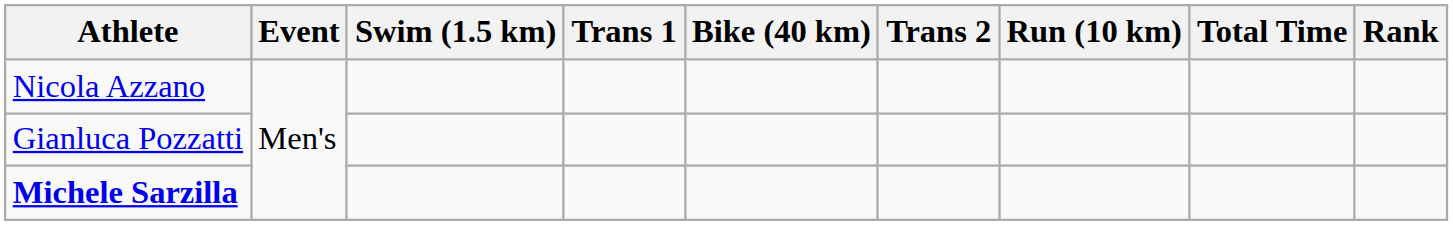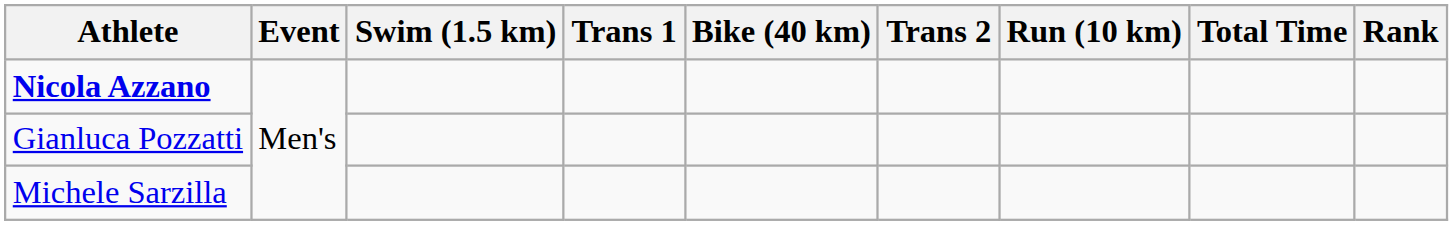 <table class="wikitable" style="font-size:90%">
 <tr>
 <th>Athlete</th>
 <th>Event</th>
 <th>Swim (1.5 km)</th>
 <th>Trans 1</th>
 <th>Bike (40 km)</th>
 <th>Trans 2</th>
 <th>Run (10 km)</th>
 <th>Total Time</th>
 <th>Rank</th>
 </tr>
 <tr align=center>
-<td align=left><a href='#'>Nicola Azzano</a></td>
+<td align=left><strong><a href='#'>Nicola Azzano</a></strong></td>
 <td align=left rowspan=3>Men's</td>
 <td></td>
 <td></td>
 <td></td>
 <td></td>
 <td></td>
 <td></td>
 <td></td>
 </tr>
 <tr align=center>
 <td align=left><a href='#'>Gianluca Pozzatti</a></td>
 <td></td>
 <td></td>
 <td></td>
 <td></td>
 <td></td>
 <td></td>
 <td></td>
 </tr>
 <tr align=center>
-<td align=left><strong><a href='#'>Michele Sarzilla</a></strong></td>
+<td align=left><a href='#'>Michele Sarzilla</a></td>
 <td></td>
 <td></td>
 <td></td>
 <td></td>
 <td></td>
 <td></td>
 <td></td>
 </tr>
 </table>
